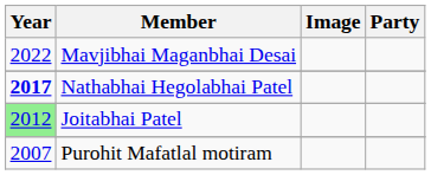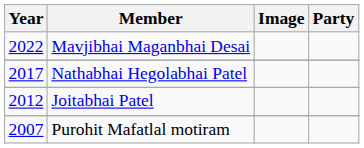 <table class="wikitable sortable">
 <tr>
 <th>Year</th>
 <th>Member</th>
 <th>Image</th>
 <th colspan="2">Party</th>
 </tr>
 <tr>
 <td><a href='#'>2022</a></td>
 <td><a href='#'>Mavjibhai Maganbhai Desai</a></td>
 <td></td>
 <td></td>
 </tr>
 <tr>
 </tr>
 <tr>
-<td><strong><a href='#'>2017</a></strong></td>
+<td><a href='#'>2017</a></td>
 <td><a href='#'>Nathabhai Hegolabhai Patel</a></td>
 <td></td>
 <td></td>
 </tr>
 <tr>
 </tr>
 <tr>
-<td style="background: lightgreen;"><a href='#'>2012</a></td>
+<td><a href='#'>2012</a></td>
 <td><a href='#'>Joitabhai Patel</a></td>
 <td></td>
 <td></td>
 </tr>
 <tr>
 </tr>
 <tr>
 <td><a href='#'>2007</a></td>
 <td>Purohit Mafatlal motiram</td>
 <td></td>
 <td></td>
 </tr>
 </table>
